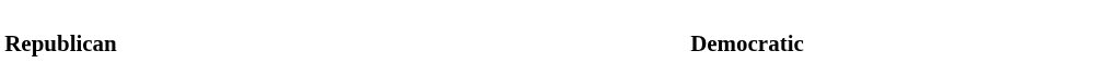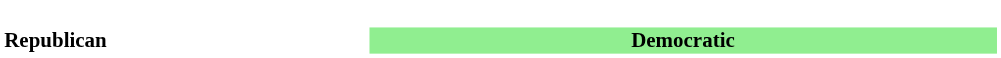 <table style="width:60em; text-align:center;">
 <tr style="color:white;">
 <td style="background:"><strong>241</strong></td>
 <td style="background:"><strong>194</strong></td>
 </tr>
 <tr>
 <td><span><strong>Republican</strong></span></td>
-<td><span><strong>Democratic</strong></span></td>
+<td style="background: lightgreen;"><span><strong>Democratic</strong></span></td>
 </tr>
 </table>
